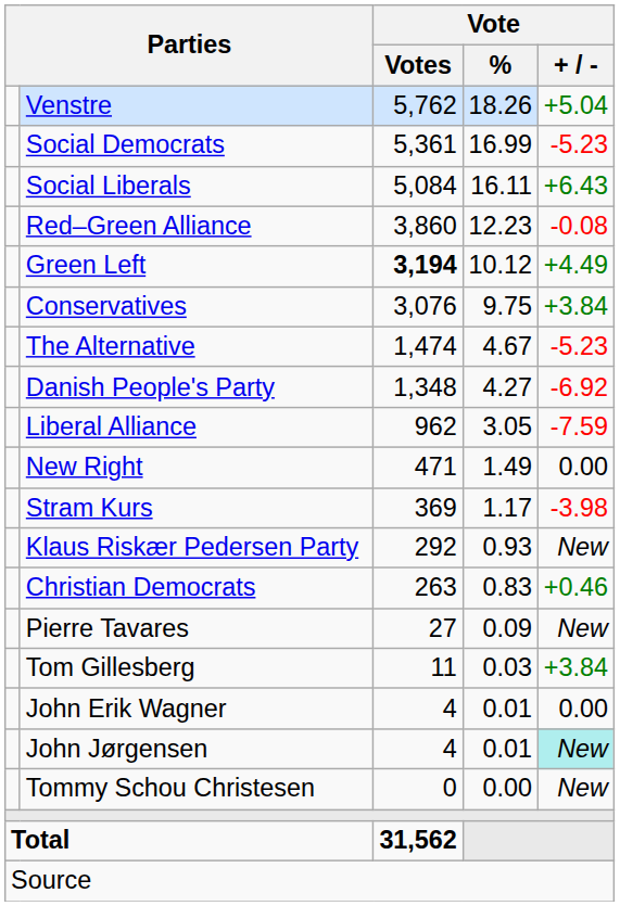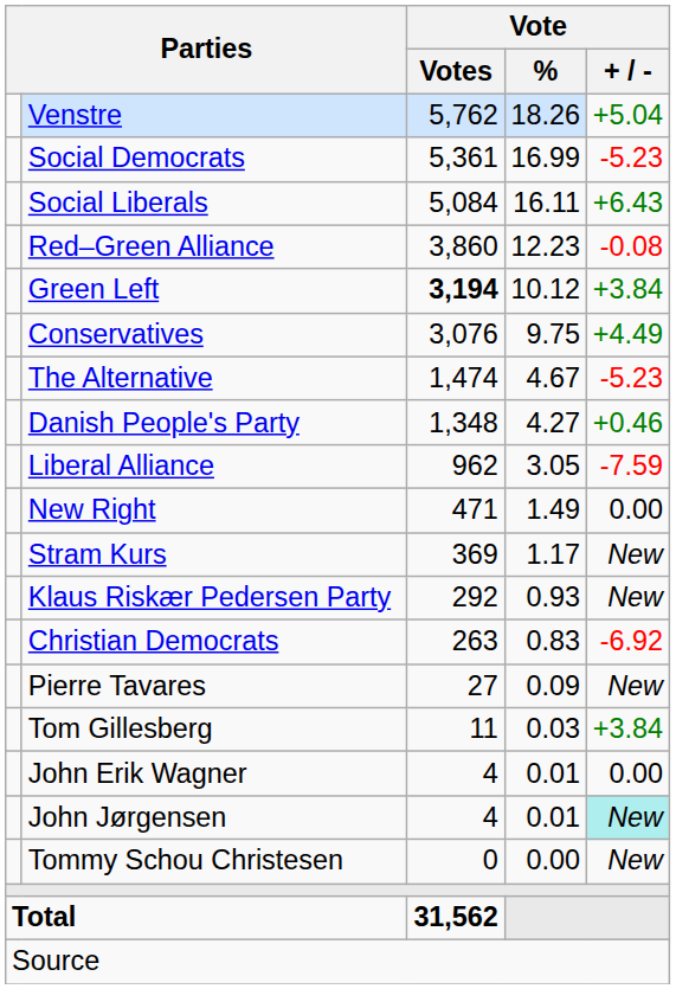 <table class="wikitable" style="text-align:right;">
 <tr>
 <th style="text-align:centre;" rowspan="2" colspan="2" width="225">Parties</th>
 <th colspan="3">Vote</th>
 </tr>
 <tr>
 <th width="15">Votes</th>
 <th width="15">%</th>
 <th width="15">+ / -</th>
 </tr>
 <tr>
 <td width="2" style="color:inherit;background:"></td>
 <td bgcolor=#cfe5fe  align="left"><a href='#'>Venstre</a></td>
 <td bgcolor=#cfe5fe>5,762</td>
 <td bgcolor=#cfe5fe>18.26</td>
 <td style=color:green;>+5.04</td>
 </tr>
 <tr>
 <td width="2" style="color:inherit;background:"></td>
 <td align="left"><a href='#'>Social Democrats</a></td>
 <td>5,361</td>
 <td>16.99</td>
 <td style=color:red;>-5.23</td>
 </tr>
 <tr>
 <td width="2" style="color:inherit;background:"></td>
 <td align="left"><a href='#'>Social Liberals</a></td>
 <td>5,084</td>
 <td>16.11</td>
 <td style=color:green;>+6.43</td>
 </tr>
 <tr>
 <td width="2" style="color:inherit;background:"></td>
 <td align="left"><a href='#'>Red–Green Alliance</a></td>
 <td>3,860</td>
 <td>12.23</td>
 <td style=color:red;>-0.08</td>
 </tr>
 <tr>
 <td width="2" style="color:inherit;background:"></td>
 <td align="left"><a href='#'>Green Left</a></td>
 <td><strong>3,194</strong></td>
 <td>10.12</td>
-<td style=color:green;>+4.49</td>
+<td style=color:green;>+3.84</td>
 </tr>
 <tr>
 <td width="2" style="color:inherit;background:"></td>
 <td align="left"><a href='#'>Conservatives</a></td>
 <td>3,076</td>
 <td>9.75</td>
-<td style=color:green;>+3.84</td>
+<td style=color:green;>+4.49</td>
 </tr>
 <tr>
 <td width="2" style="color:inherit;background:"></td>
 <td align="left"><a href='#'>The Alternative</a></td>
 <td>1,474</td>
 <td>4.67</td>
 <td style=color:red;>-5.23</td>
 </tr>
 <tr>
 <td width="2" style="color:inherit;background:"></td>
 <td align="left"><a href='#'>Danish People's Party</a></td>
 <td>1,348</td>
 <td>4.27</td>
-<td style=color:red;>-6.92</td>
+<td style=color:green;>+0.46</td>
 </tr>
 <tr>
 <td width="2" style="color:inherit;background:"></td>
 <td align="left"><a href='#'>Liberal Alliance</a></td>
 <td>962</td>
 <td>3.05</td>
 <td style=color:red;>-7.59</td>
 </tr>
 <tr>
 <td width="2" style="color:inherit;background:"></td>
 <td align="left"><a href='#'>New Right</a></td>
 <td>471</td>
 <td>1.49</td>
 <td>0.00</td>
 </tr>
 <tr>
 <td width="2" style="color:inherit;background:"></td>
 <td align="left"><a href='#'>Stram Kurs</a></td>
 <td>369</td>
 <td>1.17</td>
-<td style=color:red;>-3.98</td>
+<td><em>New</em></td>
 </tr>
 <tr>
 <td width="2" style="color:inherit;background:"></td>
 <td align="left"><a href='#'>Klaus Riskær Pedersen Party</a></td>
 <td>292</td>
 <td>0.93</td>
 <td><em>New</em></td>
 </tr>
 <tr>
 <td width="2" style="color:inherit;background:"></td>
 <td align="left"><a href='#'>Christian Democrats</a></td>
 <td>263</td>
 <td>0.83</td>
-<td style=color:green;>+0.46</td>
+<td style=color:red;>-6.92</td>
 </tr>
 <tr>
 <td width="2" style="color:inherit;background:"></td>
 <td align="left">Pierre Tavares</td>
 <td>27</td>
 <td>0.09</td>
 <td><em>New</em></td>
 </tr>
 <tr>
 <td width="2" style="color:inherit;background:"></td>
 <td align="left">Tom Gillesberg</td>
 <td>11</td>
 <td>0.03</td>
 <td style=color:green;>+3.84</td>
 </tr>
 <tr>
 <td width="2" style="color:inherit;background:"></td>
 <td align="left">John Erik Wagner</td>
 <td>4</td>
 <td>0.01</td>
 <td>0.00</td>
 </tr>
 <tr>
 <td width="2" style="color:inherit;background:"></td>
 <td align="left">John Jørgensen</td>
 <td>4</td>
 <td>0.01</td>
 <td style="background: paleturquoise;"><em>New</em></td>
 </tr>
 <tr>
 <td width="2" style="color:inherit;background:"></td>
 <td align="left">Tommy Schou Christesen</td>
 <td>0</td>
 <td>0.00</td>
 <td><em>New</em></td>
 </tr>
 <tr>
 <td colspan="7" bgcolor="#E9E9E9"></td>
 </tr>
 <tr>
 <td align="left" colspan="2"><strong>Total</strong></td>
 <td><strong>31,562</strong></td>
 <td bgcolor="#E9E9E9" colspan="2"></td>
 </tr>
 <tr>
 <td align="left" colspan="6">Source</td>
 </tr>
 </table>
